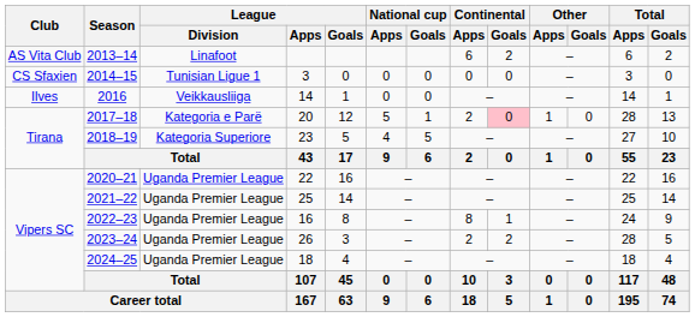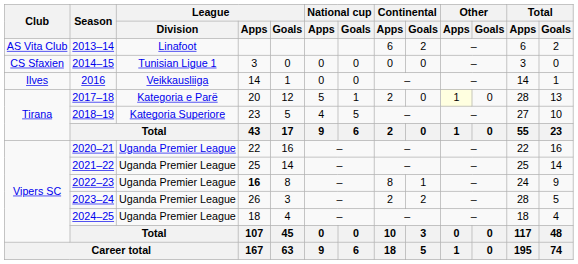 <table class="wikitable" style="text-align:center">
 <tr>
 <th rowspan="2">Club</th>
 <th rowspan="2">Season</th>
 <th colspan="3">League</th>
 <th colspan="2">National cup</th>
 <th colspan="2">Continental</th>
 <th colspan="2">Other</th>
 <th colspan="2">Total</th>
 </tr>
 <tr>
 <th>Division</th>
 <th>Apps</th>
 <th>Goals</th>
 <th>Apps</th>
 <th>Goals</th>
 <th>Apps</th>
 <th>Goals</th>
 <th>Apps</th>
 <th>Goals</th>
 <th>Apps</th>
 <th>Goals</th>
 </tr>
 <tr>
 <td><a href='#'>AS Vita Club</a></td>
 <td><a href='#'>2013–14</a></td>
 <td><a href='#'>Linafoot</a></td>
 <td></td>
 <td></td>
 <td></td>
 <td></td>
 <td>6</td>
 <td>2</td>
 <td colspan=2>–</td>
 <td>6</td>
 <td>2</td>
 </tr>
 <tr>
 <td><a href='#'>CS Sfaxien</a></td>
 <td><a href='#'>2014–15</a></td>
 <td><a href='#'>Tunisian Ligue 1</a></td>
 <td>3</td>
 <td>0</td>
 <td>0</td>
 <td>0</td>
 <td>0</td>
 <td>0</td>
 <td colspan=2>–</td>
 <td>3</td>
 <td>0</td>
 </tr>
 <tr>
 <td><a href='#'>Ilves</a></td>
 <td><a href='#'>2016</a></td>
 <td><a href='#'>Veikkausliiga</a></td>
 <td>14</td>
 <td>1</td>
 <td>0</td>
 <td>0</td>
 <td colspan=2>–</td>
 <td colspan=2>–</td>
 <td>14</td>
 <td>1</td>
 </tr>
 <tr>
 <td rowspan=3><a href='#'>Tirana</a></td>
 <td><a href='#'>2017–18</a></td>
 <td><a href='#'>Kategoria e Parë</a></td>
 <td>20</td>
 <td>12</td>
 <td>5</td>
 <td>1</td>
 <td>2</td>
-<td style="background: pink;">0</td>
-<td>1</td>
+<td>0</td>
+<td style="background: lightyellow;">1</td>
 <td>0</td>
 <td>28</td>
 <td>13</td>
 </tr>
 <tr>
 <td><a href='#'>2018–19</a></td>
 <td><a href='#'>Kategoria Superiore</a></td>
 <td>23</td>
 <td>5</td>
 <td>4</td>
 <td>5</td>
 <td colspan=2>–</td>
 <td colspan=2>–</td>
 <td>27</td>
 <td>10</td>
 </tr>
 <tr>
 <th colspan=2>Total</th>
 <th>43</th>
 <th>17</th>
 <th>9</th>
 <th>6</th>
 <th>2</th>
 <th>0</th>
 <th>1</th>
 <th>0</th>
 <th>55</th>
 <th>23</th>
 </tr>
 <tr>
 <td rowspan=6><a href='#'>Vipers SC</a></td>
 <td><a href='#'>2020–21</a></td>
 <td><a href='#'>Uganda Premier League</a></td>
 <td>22</td>
 <td>16</td>
 <td colspan=2>–</td>
 <td colspan=2>–</td>
 <td colspan=2>–</td>
 <td>22</td>
 <td>16</td>
 </tr>
 <tr>
 <td><a href='#'>2021–22</a></td>
 <td>Uganda Premier League</td>
 <td>25</td>
 <td>14</td>
 <td colspan=2>–</td>
 <td colspan=2>–</td>
 <td colspan=2>–</td>
 <td>25</td>
 <td>14</td>
 </tr>
 <tr>
 <td><a href='#'>2022–23</a></td>
 <td>Uganda Premier League</td>
-<td>16</td>
+<td><strong>16</strong></td>
 <td>8</td>
 <td colspan=2>–</td>
 <td>8</td>
 <td>1</td>
 <td colspan=2>–</td>
 <td>24</td>
 <td>9</td>
 </tr>
 <tr>
 <td><a href='#'>2023–24</a></td>
 <td>Uganda Premier League</td>
 <td>26</td>
 <td>3</td>
 <td colspan=2>–</td>
 <td>2</td>
 <td>2</td>
 <td colspan=2>–</td>
 <td>28</td>
 <td>5</td>
 </tr>
 <tr>
 <td><a href='#'>2024–25</a></td>
 <td>Uganda Premier League</td>
 <td>18</td>
 <td>4</td>
 <td colspan=2>–</td>
 <td colspan=2>–</td>
 <td colspan=2>–</td>
 <td>18</td>
 <td>4</td>
 </tr>
 <tr>
 <th colspan=2>Total</th>
 <th>107</th>
 <th>45</th>
 <th>0</th>
 <th>0</th>
 <th>10</th>
 <th>3</th>
 <th>0</th>
 <th>0</th>
 <th>117</th>
 <th>48</th>
 </tr>
 <tr>
 <th colspan="3">Career total</th>
 <th>167</th>
 <th>63</th>
 <th>9</th>
 <th>6</th>
 <th>18</th>
 <th>5</th>
 <th>1</th>
 <th>0</th>
 <th>195</th>
 <th>74</th>
 </tr>
 </table>
